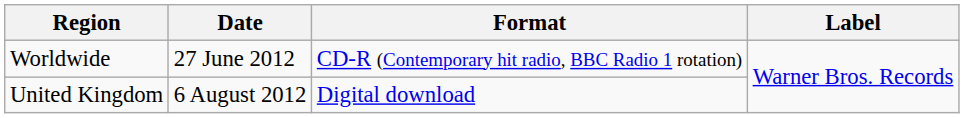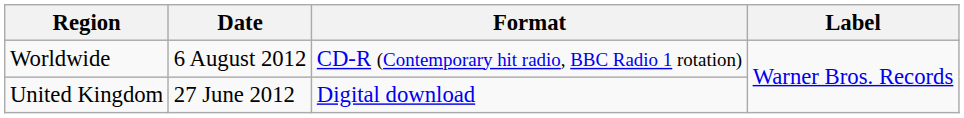 <table class=wikitable>
 <tr>
 <th scope="col">Region</th>
 <th scope="col">Date</th>
 <th scope="col">Format</th>
 <th scope="col">Label</th>
 </tr>
 <tr>
 <td>Worldwide</td>
-<td rowspan="1">27 June 2012</td>
+<td>6 August 2012</td>
 <td><a href='#'>CD-R</a> <small>(<a href='#'>Contemporary hit radio</a>, <a href='#'>BBC Radio 1</a> rotation)</small></td>
 <td rowspan="2"><a href='#'>Warner Bros. Records</a></td>
 </tr>
 <tr>
 <td>United Kingdom</td>
-<td>6 August 2012</td>
+<td rowspan="1">27 June 2012</td>
 <td rowspan="1"><a href='#'>Digital download</a></td>
 </tr>
 </table>
